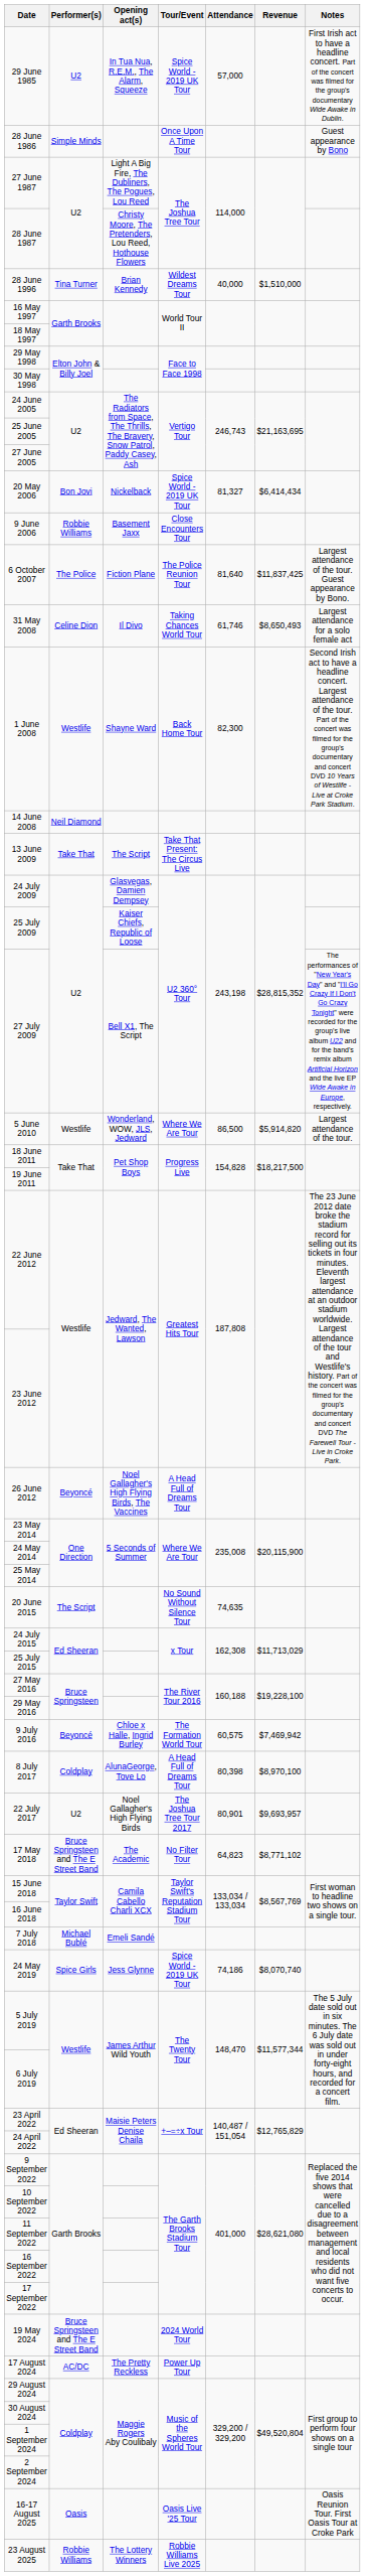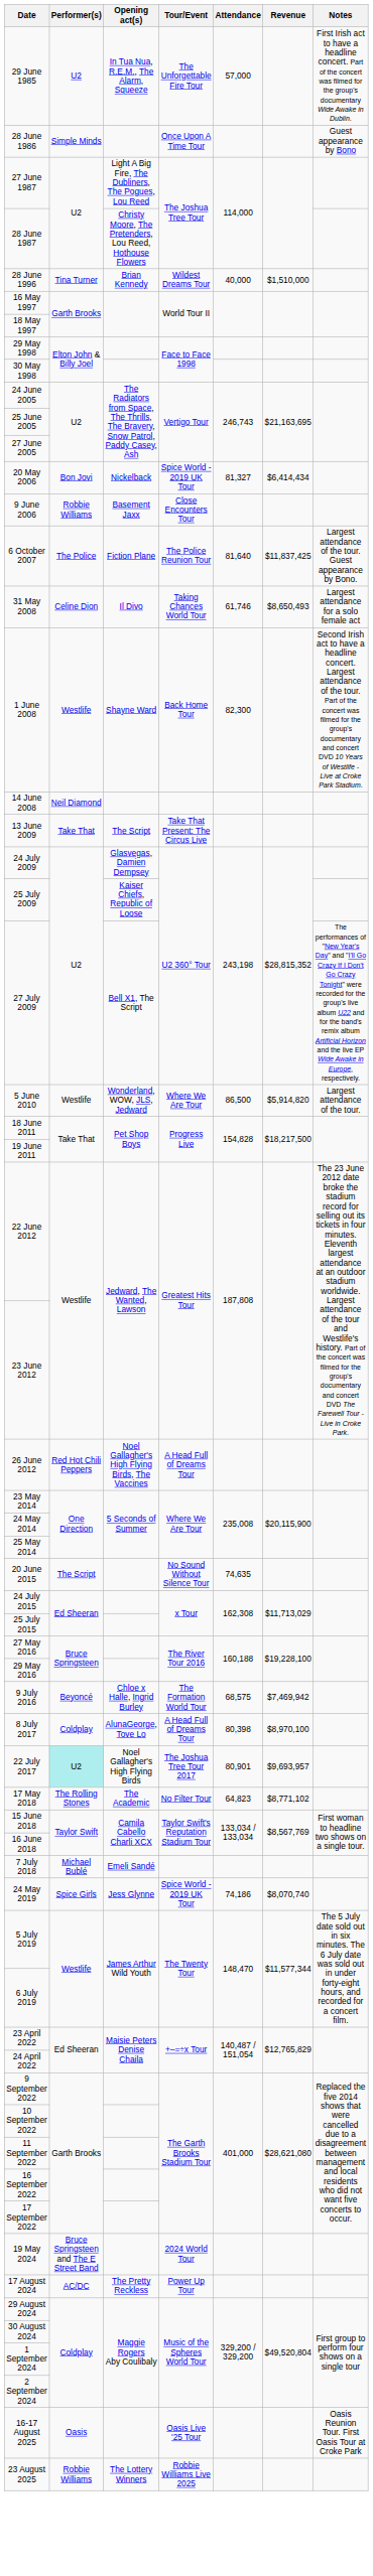 <table class="wikitable sortable" style="text-align:center;">
 <tr>
 <th>Date</th>
 <th>Performer(s)</th>
 <th>Opening act(s)</th>
 <th>Tour/Event</th>
 <th>Attendance</th>
 <th>Revenue</th>
 <th>Notes</th>
 </tr>
 <tr>
 <td>29 June 1985</td>
 <td><a href='#'>U2</a></td>
 <td><a href='#'>In Tua Nua</a>, <a href='#'>R.E.M.</a>, <a href='#'>The Alarm</a>, <a href='#'>Squeeze</a></td>
-<td><a href='#'>Spice World - 2019 UK Tour</a></td>
+<td><a href='#'>The Unforgettable Fire Tour</a></td>
 <td>57,000</td>
 <td></td>
 <td>First Irish act to have a headline concert. <small>Part of the concert was filmed for the group's documentary <em>Wide Awake in Dublin</em>.</small></td>
 </tr>
 <tr>
 <td>28 June 1986</td>
 <td><a href='#'>Simple Minds</a></td>
 <td></td>
 <td><a href='#'>Once Upon A Time Tour</a></td>
 <td></td>
 <td></td>
 <td>Guest appearance by <a href='#'>Bono</a></td>
 </tr>
 <tr>
 <td>27 June 1987</td>
 <td rowspan="2">U2</td>
 <td>Light A Big Fire, <a href='#'>The Dubliners</a>, <a href='#'>The Pogues</a>, <a href='#'>Lou Reed</a></td>
 <td rowspan="2"><a href='#'>The Joshua Tree Tour</a></td>
 <td rowspan="2">114,000</td>
 <td rowspan="2"></td>
 <td></td>
 </tr>
 <tr>
 <td>28 June 1987</td>
 <td><a href='#'>Christy Moore</a>, <a href='#'>The Pretenders</a>, Lou Reed, <a href='#'>Hothouse Flowers</a></td>
 <td></td>
 </tr>
 <tr>
 <td>28 June 1996</td>
 <td><a href='#'>Tina Turner</a></td>
 <td><a href='#'>Brian Kennedy</a></td>
 <td><a href='#'>Wildest Dreams Tour</a></td>
 <td>40,000</td>
 <td>$1,510,000</td>
 <td></td>
 </tr>
 <tr>
 <td>16 May 1997</td>
 <td rowspan="2"><a href='#'>Garth Brooks</a></td>
 <td rowspan="2"></td>
 <td rowspan="2">World Tour II</td>
 <td rowspan="2"></td>
 <td rowspan="2"></td>
 <td rowspan="2"></td>
 </tr>
 <tr>
 <td>18 May 1997</td>
 </tr>
 <tr>
 <td>29 May 1998</td>
 <td rowspan="2"><a href='#'>Elton John</a> & <a href='#'>Billy Joel</a></td>
 <td></td>
 <td rowspan="2"><a href='#'>Face to Face 1998</a></td>
 <td></td>
 <td></td>
 <td></td>
 </tr>
 <tr>
 <td>30 May 1998</td>
 <td></td>
 <td></td>
 <td></td>
 <td></td>
 </tr>
 <tr>
 <td>24 June 2005</td>
 <td rowspan="3">U2</td>
 <td rowspan="3"><a href='#'>The Radiators from Space</a>, <a href='#'>The Thrills</a>, <a href='#'>The Bravery</a>, <a href='#'>Snow Patrol</a>, <a href='#'>Paddy Casey</a>, <a href='#'>Ash</a></td>
 <td rowspan="3"><a href='#'>Vertigo Tour</a></td>
 <td rowspan="3">246,743</td>
 <td rowspan="3">$21,163,695</td>
 <td rowspan="3"></td>
 </tr>
 <tr>
 <td>25 June 2005</td>
 </tr>
 <tr>
 <td>27 June 2005</td>
 </tr>
 <tr>
 <td>20 May 2006</td>
 <td><a href='#'>Bon Jovi</a></td>
 <td><a href='#'>Nickelback</a></td>
 <td><a href='#'>Spice World - 2019 UK Tour</a></td>
 <td>81,327</td>
 <td>$6,414,434</td>
 <td></td>
 </tr>
 <tr>
 <td>9 June 2006</td>
 <td><a href='#'>Robbie Williams</a></td>
 <td><a href='#'>Basement Jaxx</a></td>
 <td><a href='#'>Close Encounters Tour</a></td>
 <td></td>
 <td></td>
 <td></td>
 </tr>
 <tr>
 <td>6 October 2007</td>
 <td><a href='#'>The Police</a></td>
 <td><a href='#'>Fiction Plane</a></td>
 <td><a href='#'>The Police Reunion Tour</a></td>
 <td>81,640</td>
 <td>$11,837,425</td>
 <td>Largest attendance of the tour. Guest appearance by Bono.</td>
 </tr>
 <tr>
 <td>31 May 2008</td>
 <td><a href='#'>Celine Dion</a></td>
 <td><a href='#'>Il Divo</a></td>
 <td><a href='#'>Taking Chances World Tour</a></td>
 <td>61,746</td>
 <td>$8,650,493</td>
 <td>Largest attendance for a solo female act</td>
 </tr>
 <tr>
 <td>1 June 2008</td>
 <td><a href='#'>Westlife</a></td>
 <td><a href='#'>Shayne Ward</a></td>
 <td><a href='#'>Back Home Tour</a></td>
 <td>82,300</td>
 <td></td>
 <td>Second Irish act to have a headline concert. Largest attendance of the tour. <small>Part of the concert was filmed for the group's documentary and concert DVD <em>10 Years of Westlife - Live at Croke Park Stadium</em>.</small></td>
 </tr>
 <tr>
 <td>14 June 2008</td>
 <td><a href='#'>Neil Diamond</a></td>
 <td></td>
 <td></td>
 <td></td>
 <td></td>
 <td></td>
 </tr>
 <tr>
 <td>13 June 2009</td>
 <td><a href='#'>Take That</a></td>
 <td><a href='#'>The Script</a></td>
 <td><a href='#'>Take That Present: The Circus Live</a></td>
 <td></td>
 <td></td>
 <td></td>
 </tr>
 <tr>
 <td>24 July 2009</td>
 <td rowspan="3">U2</td>
 <td><a href='#'>Glasvegas</a>, <a href='#'>Damien Dempsey</a></td>
 <td rowspan="3"><a href='#'>U2 360° Tour</a></td>
 <td rowspan="3">243,198</td>
 <td rowspan="3">$28,815,352</td>
 <td></td>
 </tr>
 <tr>
 <td>25 July 2009</td>
 <td><a href='#'>Kaiser Chiefs</a>, <a href='#'>Republic of Loose</a></td>
 <td></td>
 </tr>
 <tr>
 <td>27 July 2009</td>
 <td><a href='#'>Bell X1</a>, The Script</td>
 <td><small>The performances of "<a href='#'>New Year's Day</a>" and "<a href='#'>I'll Go Crazy If I Don't Go Crazy Tonight</a>" were recorded for the group's live album <em><a href='#'>U22</a></em> and for the band's remix album <em><a href='#'>Artificial Horizon</a></em> and the live EP <em><a href='#'>Wide Awake in Europe</a></em>, respectively.</small></td>
 </tr>
 <tr>
 <td>5 June 2010</td>
 <td>Westlife</td>
 <td><a href='#'>Wonderland</a>, WOW, <a href='#'>JLS</a>, <a href='#'>Jedward</a></td>
 <td><a href='#'>Where We Are Tour</a></td>
 <td>86,500</td>
 <td>$5,914,820</td>
 <td>Largest attendance of the tour.</td>
 </tr>
 <tr>
 <td>18 June 2011</td>
 <td rowspan="2">Take That</td>
 <td rowspan="2"><a href='#'>Pet Shop Boys</a></td>
 <td rowspan="2"><a href='#'>Progress Live</a></td>
 <td rowspan="2">154,828</td>
 <td rowspan="2">$18,217,500</td>
 <td rowspan="2"></td>
 </tr>
 <tr>
 <td>19 June 2011</td>
 </tr>
 <tr>
 <td>22 June 2012</td>
 <td rowspan="2">Westlife</td>
 <td rowspan="2"><a href='#'>Jedward</a>, <a href='#'>The Wanted</a>, <a href='#'>Lawson</a></td>
 <td rowspan="2"><a href='#'>Greatest Hits Tour</a></td>
 <td rowspan="2">187,808</td>
 <td rowspan="2"></td>
 <td rowspan="2">The 23 June 2012 date broke the stadium record for selling out its tickets in four minutes. Eleventh largest attendance at an outdoor stadium worldwide. Largest attendance of the tour and Westlife's history. <small>Part of the concert was filmed for the group's documentary and concert DVD <em>The Farewell Tour - Live in Croke Park</em>.</small></td>
 </tr>
 <tr>
 <td>23 June 2012</td>
 </tr>
 <tr>
 <td>26 June 2012</td>
-<td><a href='#'>Beyoncé</a></td>
+<td><a href='#'>Red Hot Chili Peppers</a></td>
 <td><a href='#'>Noel Gallagher's High Flying Birds</a>, <a href='#'>The Vaccines</a></td>
 <td><a href='#'>A Head Full of Dreams Tour</a></td>
 <td></td>
 <td></td>
 <td></td>
 </tr>
 <tr>
 <td>23 May 2014</td>
 <td rowspan="3"><a href='#'>One Direction</a></td>
 <td rowspan="3"><a href='#'>5 Seconds of Summer</a></td>
 <td rowspan="3"><a href='#'>Where We Are Tour</a></td>
 <td rowspan="3">235,008</td>
 <td rowspan="3">$20,115,900</td>
 <td rowspan="3"></td>
 </tr>
 <tr>
 <td>24 May 2014</td>
 </tr>
 <tr>
 <td>25 May 2014</td>
 </tr>
 <tr>
 <td>20 June 2015</td>
 <td><a href='#'>The Script</a></td>
 <td></td>
 <td><a href='#'>No Sound Without Silence Tour</a></td>
 <td>74,635</td>
 <td></td>
 <td></td>
 </tr>
 <tr>
 <td>24 July 2015</td>
 <td rowspan="2"><a href='#'>Ed Sheeran</a></td>
 <td></td>
 <td rowspan="2"><a href='#'>x Tour</a></td>
 <td rowspan="2">162,308</td>
 <td rowspan="2">$11,713,029</td>
 <td rowspan="2"></td>
 </tr>
 <tr>
 <td>25 July 2015</td>
 <td></td>
 </tr>
 <tr>
 <td>27 May 2016</td>
 <td rowspan="2"><a href='#'>Bruce Springsteen</a></td>
 <td></td>
 <td rowspan="2"><a href='#'>The River Tour 2016</a></td>
 <td rowspan="2">160,188</td>
 <td rowspan="2">$19,228,100</td>
 <td rowspan="2"></td>
 </tr>
 <tr>
 <td>29 May 2016</td>
 <td></td>
 </tr>
 <tr>
 <td>9 July 2016</td>
 <td><a href='#'>Beyoncé</a></td>
 <td><a href='#'>Chloe x Halle</a>, <a href='#'>Ingrid Burley</a></td>
 <td><a href='#'>The Formation World Tour</a></td>
-<td>60,575</td>
+<td>68,575</td>
 <td>$7,469,942</td>
 <td></td>
 </tr>
 <tr>
 <td>8 July 2017</td>
 <td><a href='#'>Coldplay</a></td>
 <td><a href='#'>AlunaGeorge</a>, <a href='#'>Tove Lo</a></td>
 <td><a href='#'>A Head Full of Dreams Tour</a></td>
 <td>80,398</td>
 <td>$8,970,100</td>
 <td></td>
 </tr>
 <tr>
 <td>22 July 2017</td>
-<td>U2</td>
+<td style="background: paleturquoise;">U2</td>
 <td>Noel Gallagher's High Flying Birds</td>
 <td><a href='#'>The Joshua Tree Tour 2017</a></td>
 <td>80,901</td>
 <td>$9,693,957</td>
 <td></td>
 </tr>
 <tr>
 <td>17 May 2018</td>
-<td><a href='#'>Bruce Springsteen</a> and <a href='#'>The E Street Band</a></td>
+<td><a href='#'>The Rolling Stones</a></td>
 <td><a href='#'>The Academic</a></td>
 <td><a href='#'>No Filter Tour</a></td>
 <td>64,823</td>
 <td>$8,771,102</td>
 <td></td>
 </tr>
 <tr>
 <td>15 June 2018</td>
 <td rowspan="2"><a href='#'>Taylor Swift</a></td>
 <td rowspan="2"><a href='#'>Camila Cabello</a><br><a href='#'>Charli XCX</a></td>
 <td rowspan="2"><a href='#'>Taylor Swift's Reputation Stadium Tour</a></td>
 <td rowspan="2">133,034 / 133,034</td>
 <td rowspan="2">$8,567,769</td>
 <td rowspan="2">First woman to headline two shows on a single tour.</td>
 </tr>
 <tr>
 <td>16 June 2018</td>
 </tr>
 <tr>
 <td>7 July 2018</td>
 <td><a href='#'>Michael Bublé</a></td>
 <td><a href='#'>Emeli Sandé</a></td>
 <td></td>
 <td></td>
 <td></td>
 <td></td>
 </tr>
 <tr>
 <td>24 May 2019</td>
 <td><a href='#'>Spice Girls</a></td>
 <td><a href='#'>Jess Glynne</a></td>
 <td><a href='#'>Spice World - 2019 UK Tour</a></td>
 <td>74,186</td>
 <td>$8,070,740</td>
 <td></td>
 </tr>
 <tr>
 <td>5 July 2019</td>
 <td rowspan="2"><a href='#'>Westlife</a></td>
 <td rowspan="2"><a href='#'>James Arthur</a><br>Wild Youth</td>
 <td rowspan="2"><a href='#'>The Twenty Tour</a></td>
 <td rowspan="2">148,470</td>
 <td rowspan="2">$11,577,344</td>
 <td rowspan="2">The 5 July date sold out in six minutes. The 6 July date was sold out in under forty-eight hours, and recorded for a concert film.</td>
 </tr>
 <tr>
 <td>6 July 2019</td>
 </tr>
 <tr>
 <td>23 April 2022</td>
 <td rowspan="2">Ed Sheeran</td>
 <td rowspan="2"><a href='#'>Maisie Peters</a><br><a href='#'>Denise Chaila</a></td>
 <td rowspan="2"><a href='#'>+–=÷x Tour</a></td>
 <td rowspan="2">140,487 / 151,054</td>
 <td rowspan="2">$12,765,829</td>
 <td rowspan="2"></td>
 </tr>
 <tr>
 <td>24 April 2022</td>
 </tr>
 <tr>
 <td>9 September 2022</td>
 <td rowspan="5">Garth Brooks</td>
 <td></td>
 <td rowspan="5"><a href='#'>The Garth Brooks Stadium Tour</a></td>
 <td rowspan="5">401,000</td>
 <td rowspan="5">$28,621,080</td>
 <td rowspan="5">Replaced the five 2014 shows that were cancelled due to a disagreement between management and local residents who did not want five concerts to occur.</td>
 </tr>
 <tr>
 <td>10 September 2022</td>
 <td></td>
 </tr>
 <tr>
 <td>11 September 2022</td>
 <td></td>
 </tr>
 <tr>
 <td>16 September 2022</td>
 <td></td>
 </tr>
 <tr>
 <td>17 September 2022</td>
 <td></td>
 </tr>
 <tr>
 <td>19 May 2024</td>
 <td><a href='#'>Bruce Springsteen</a> and <a href='#'>The E Street Band</a></td>
 <td></td>
 <td><a href='#'>2024 World Tour</a></td>
 <td></td>
 <td></td>
 <td></td>
 </tr>
 <tr>
 <td>17 August 2024</td>
 <td><a href='#'>AC/DC</a></td>
 <td><a href='#'>The Pretty Reckless</a></td>
 <td><a href='#'>Power Up Tour</a></td>
 <td></td>
 <td></td>
 <td></td>
 </tr>
 <tr>
 <td>29 August 2024</td>
 <td rowspan="4"><a href='#'>Coldplay</a></td>
 <td rowspan="4"><a href='#'>Maggie Rogers</a><br>Aby Coulibaly</td>
 <td rowspan="4"><a href='#'>Music of the Spheres World Tour</a></td>
 <td rowspan="4">329,200 / 329,200</td>
 <td rowspan="4">$49,520,804</td>
 <td rowspan="4">First group to perform four shows on a single tour</td>
 </tr>
 <tr>
 <td>30 August 2024</td>
 </tr>
 <tr>
 <td>1 September 2024</td>
 </tr>
 <tr>
 <td>2 September 2024</td>
 </tr>
 <tr>
 <td>16-17 August 2025</td>
 <td><a href='#'>Oasis</a></td>
 <td></td>
 <td><a href='#'>Oasis Live '25 Tour</a></td>
 <td></td>
 <td></td>
 <td>Oasis Reunion Tour. First Oasis Tour at Croke Park</td>
 </tr>
 <tr>
 <td>23 August 2025</td>
 <td><a href='#'>Robbie Williams</a></td>
 <td><a href='#'>The Lottery Winners</a></td>
 <td><a href='#'>Robbie Williams Live 2025</a></td>
 <td></td>
 <td></td>
 <td></td>
 </tr>
 </table>
